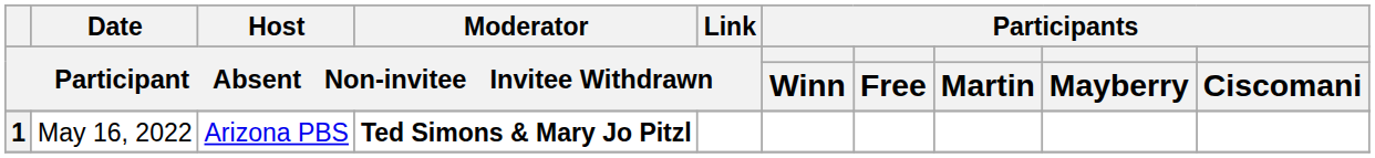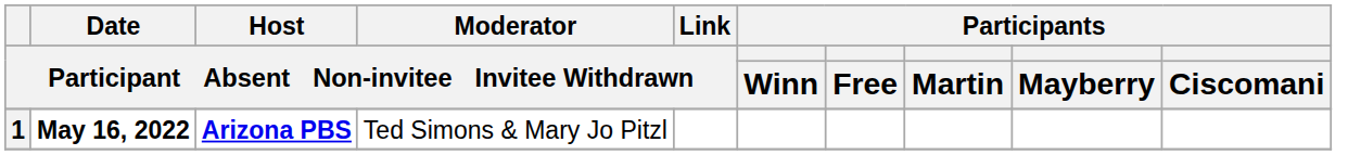 <table class="wikitable" style="text-align:center;">
 <tr style="font-size:small;">
 <th scope="col"></th>
 <th scope="col">Date</th>
 <th scope="col">Host</th>
 <th scope="col">Moderator</th>
 <th scope="col">Link</th>
 <th scope="col" colspan="5">Participants</th>
 </tr>
 <tr>
 <th colspan="5" rowspan="2"> <small>Participant  </small> <small>Absent  </small> <small>Non-invitee  </small> <small>Invitee Withdrawn</small></th>
 <th scope="col" style="background:"></th>
 <th scope="col" style="background:"></th>
 <th scope="col" style="background:"></th>
 <th scope="col" style="background:"></th>
 <th scope="col" style="background:"></th>
 </tr>
 <tr>
 <th scope="col">Winn</th>
 <th scope="col">Free</th>
 <th scope="col">Martin</th>
 <th scope="col">Mayberry</th>
 <th scope="col">Ciscomani</th>
 </tr>
 <tr>
 </tr>
 <tr style="background:#FFFFFF;font-size:small;">
 <th scope="row">1</th>
-<td style="white-space:nowrap;">May 16, 2022</td>
-<td style="white-space:nowrap;"><a href='#'>Arizona PBS</a></td>
-<td style="white-space:nowrap;"><strong>Ted Simons & Mary Jo Pitzl</strong></td>
+<td style="white-space:nowrap;"><strong>May 16, 2022</strong></td>
+<td style="white-space:nowrap;"><strong><a href='#'>Arizona PBS</a></strong></td>
+<td style="white-space:nowrap;">Ted Simons & Mary Jo Pitzl</td>
 <td style="white-space:nowrap;"></td>
 <td></td>
 <td></td>
 <td></td>
 <td></td>
 <td></td>
 </tr>
 <tr>
 </tr>
 </table>
